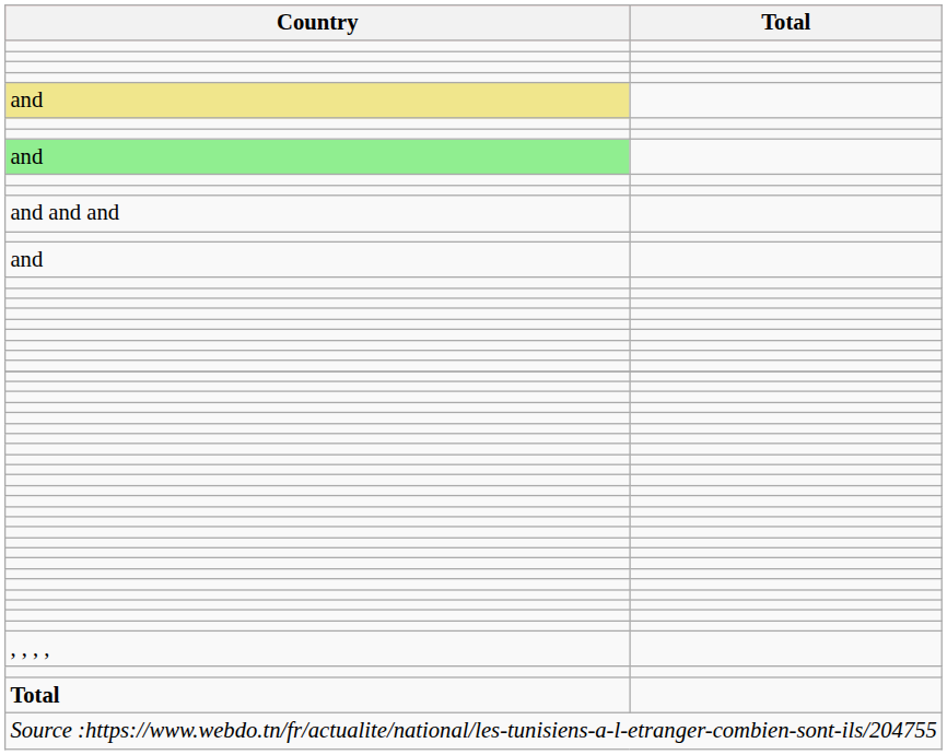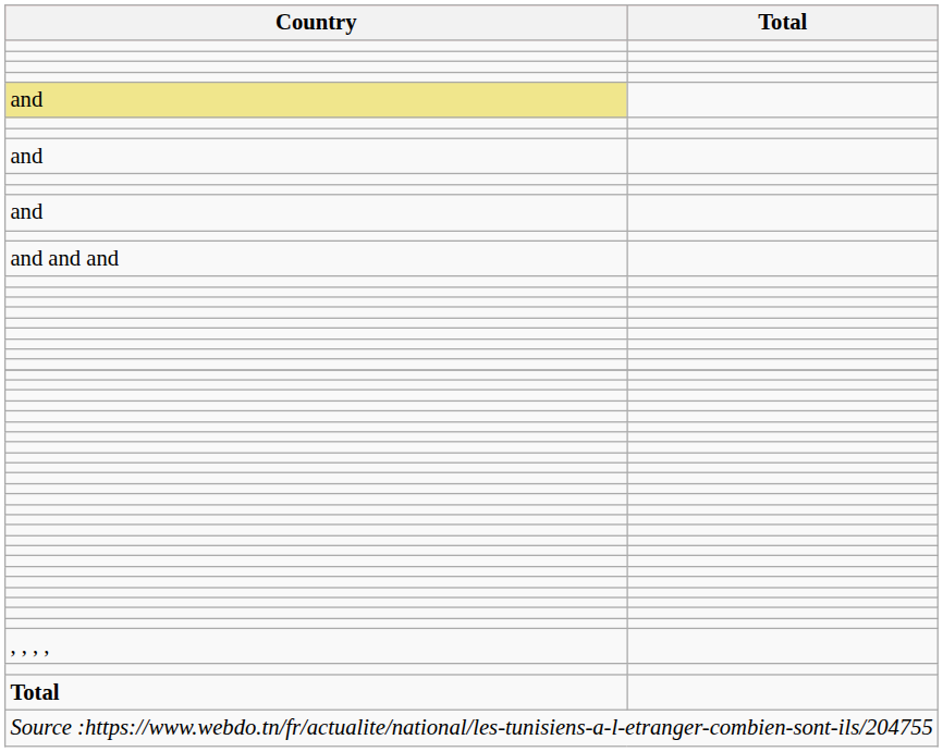 <table class="wikitable sortable centre">
 <tr align="center" bgcolor="#ffbbbb">
 <th>Country</th>
 <th>Total</th>
 </tr>
 <tr>
 <td></td>
 <td><strong></strong></td>
 </tr>
 <tr>
 <td></td>
 <td></td>
 </tr>
 <tr>
 <td></td>
 <td></td>
 </tr>
 <tr>
 <td></td>
 <td></td>
 </tr>
 <tr {>
 <td style="background: khaki;"> and </td>
 <td></td>
 </tr>
 <tr>
 <td></td>
 <td></td>
 </tr>
 <tr>
 <td></td>
 <td></td>
 </tr>
 <tr>
-<td style="background: lightgreen;"> and </td>
+<td> and </td>
 <td></td>
 </tr>
 <tr>
 <td></td>
 <td></td>
 </tr>
 <tr>
 <td></td>
 <td></td>
 </tr>
 <tr>
-<td> and  and  and </td>
+<td> and </td>
 <td></td>
 </tr>
 <tr>
 <td></td>
 <td></td>
 </tr>
 <tr>
-<td> and </td>
+<td> and  and  and </td>
 <td></td>
 </tr>
 <tr>
 <td></td>
 <td></td>
 </tr>
 <tr>
 <td></td>
 <td></td>
 </tr>
 <tr>
 <td></td>
 <td></td>
 </tr>
 <tr>
 <td></td>
 <td></td>
 </tr>
 <tr>
 <td></td>
 <td></td>
 </tr>
 <tr>
 <td></td>
 <td></td>
 </tr>
 <tr>
 <td></td>
 <td></td>
 </tr>
 <tr>
 <td></td>
 <td></td>
 </tr>
 <tr>
 <td></td>
 <td><strong></strong></td>
 </tr>
 <tr>
 </tr>
 <tr>
 <td></td>
 <td></td>
 </tr>
 <tr>
 <td></td>
 <td></td>
 </tr>
 <tr>
 <td></td>
 <td></td>
 </tr>
 <tr>
 <td></td>
 <td></td>
 </tr>
 <tr>
 <td></td>
 <td></td>
 </tr>
 <tr>
 <td></td>
 <td></td>
 </tr>
 <tr>
 <td></td>
 <td></td>
 </tr>
 <tr>
 <td></td>
 <td></td>
 </tr>
 <tr>
 <td></td>
 <td></td>
 </tr>
 <tr>
 <td></td>
 <td></td>
 </tr>
 <tr>
 <td></td>
 <td></td>
 </tr>
 <tr>
 <td></td>
 <td></td>
 </tr>
 <tr>
 <td></td>
 <td></td>
 </tr>
 <tr>
 <td></td>
 <td><strong></strong></td>
 </tr>
 <tr>
 <td></td>
 <td></td>
 </tr>
 <tr>
 <td></td>
 <td></td>
 </tr>
 <tr>
 <td></td>
 <td><strong></strong></td>
 </tr>
 <tr>
 <td></td>
 <td></td>
 </tr>
 <tr>
 <td></td>
 <td></td>
 </tr>
 <tr>
 <td></td>
 <td></td>
 </tr>
 <tr>
 <td></td>
 <td></td>
 </tr>
 <tr>
 <td></td>
 <td></td>
 </tr>
 <tr>
 <td></td>
 <td><strong></strong></td>
 </tr>
 <tr>
 <td></td>
 <td></td>
 </tr>
 <tr>
 <td></td>
 <td></td>
 </tr>
 <tr>
 <td>, , , , </td>
 <td></td>
 </tr>
 <tr>
 <td></td>
 <td></td>
 </tr>
 <tr>
 <td><strong>Total</strong></td>
 <td><strong></strong></td>
 </tr>
 <tr>
 <td colspan="2"><em>Source :https://www.webdo.tn/fr/actualite/national/les-tunisiens-a-l-etranger-combien-sont-ils/204755</em></td>
 </tr>
 </table>
